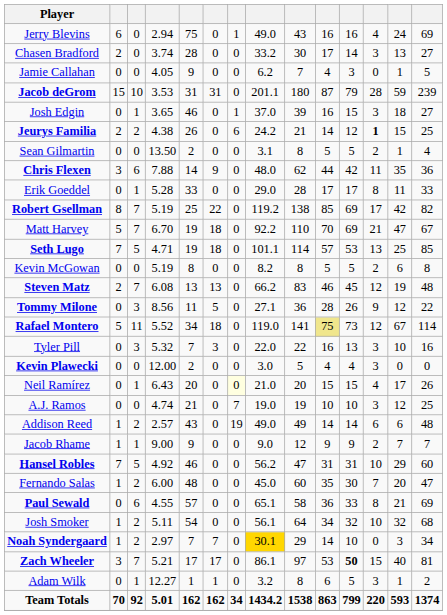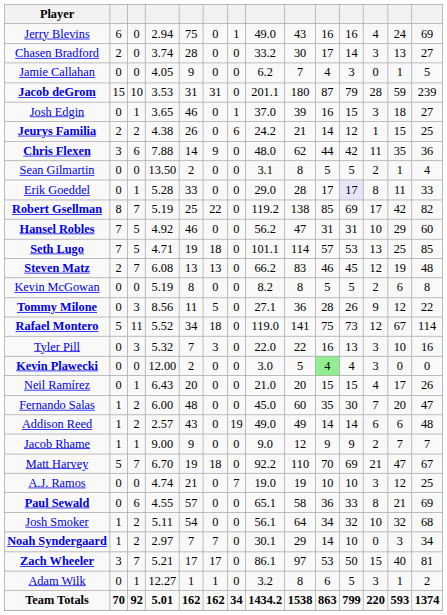 <table class="wikitable sortable" style="text-align:center;">
 <tr>
 <th>Player</th>
 <th></th>
 <th></th>
 <th></th>
 <th></th>
 <th></th>
 <th></th>
 <th></th>
 <th></th>
 <th></th>
 <th></th>
 <th></th>
 <th></th>
 <th></th>
 </tr>
 <tr>
 <td><a href='#'>Jerry Blevins</a></td>
 <td>6</td>
 <td>0</td>
 <td>2.94</td>
 <td>75</td>
 <td>0</td>
 <td>1</td>
 <td>49.0</td>
 <td>43</td>
 <td>16</td>
 <td>16</td>
 <td>4</td>
 <td>24</td>
 <td>69</td>
 </tr>
 <tr>
 <td><a href='#'>Chasen Bradford</a></td>
 <td>2</td>
 <td>0</td>
 <td>3.74</td>
 <td>28</td>
 <td>0</td>
 <td>0</td>
 <td>33.2</td>
 <td>30</td>
 <td>17</td>
 <td>14</td>
 <td>3</td>
 <td>13</td>
 <td>27</td>
 </tr>
 <tr>
 <td><a href='#'>Jamie Callahan</a></td>
 <td>0</td>
 <td>0</td>
 <td>4.05</td>
 <td>9</td>
 <td>0</td>
 <td>0</td>
 <td>6.2</td>
 <td>7</td>
 <td>4</td>
 <td>3</td>
 <td>0</td>
 <td>1</td>
 <td>5</td>
 </tr>
 <tr>
 <td><strong><a href='#'>Jacob deGrom</a></strong></td>
 <td>15</td>
 <td>10</td>
 <td>3.53</td>
 <td>31</td>
 <td>31</td>
 <td>0</td>
 <td>201.1</td>
 <td>180</td>
 <td>87</td>
 <td>79</td>
 <td>28</td>
 <td>59</td>
 <td>239</td>
 </tr>
 <tr>
 <td><a href='#'>Josh Edgin</a></td>
 <td>0</td>
 <td>1</td>
 <td>3.65</td>
 <td>46</td>
 <td>0</td>
 <td>1</td>
 <td>37.0</td>
 <td>39</td>
 <td>16</td>
 <td>15</td>
 <td>3</td>
 <td>18</td>
 <td>27</td>
 </tr>
 <tr>
 <td><strong><a href='#'>Jeurys Familia</a></strong></td>
 <td>2</td>
 <td>2</td>
 <td>4.38</td>
 <td>26</td>
 <td>0</td>
 <td>6</td>
 <td>24.2</td>
 <td>21</td>
 <td>14</td>
 <td>12</td>
-<td><strong>1</strong></td>
+<td>1</td>
 <td>15</td>
 <td>25</td>
+</tr>
+<tr>
+<td><strong><a href='#'>Chris Flexen</a></strong></td>
+<td>3</td>
+<td>6</td>
+<td>7.88</td>
+<td>14</td>
+<td>9</td>
+<td>0</td>
+<td>48.0</td>
+<td>62</td>
+<td>44</td>
+<td>42</td>
+<td>11</td>
+<td>35</td>
+<td>36</td>
 </tr>
 <tr>
 <td><a href='#'>Sean Gilmartin</a></td>
 <td>0</td>
 <td>0</td>
 <td>13.50</td>
 <td>2</td>
 <td>0</td>
 <td>0</td>
 <td>3.1</td>
 <td>8</td>
 <td>5</td>
 <td>5</td>
 <td>2</td>
 <td>1</td>
 <td>4</td>
 </tr>
 <tr>
-<td><strong><a href='#'>Chris Flexen</a></strong></td>
-<td>3</td>
-<td>6</td>
-<td>7.88</td>
-<td>14</td>
-<td>9</td>
-<td>0</td>
-<td>48.0</td>
-<td>62</td>
-<td>44</td>
-<td>42</td>
-<td>11</td>
-<td>35</td>
-<td>36</td>
-</tr>
-<tr>
 <td><a href='#'>Erik Goeddel</a></td>
 <td>0</td>
 <td>1</td>
 <td>5.28</td>
 <td>33</td>
 <td>0</td>
 <td>0</td>
 <td>29.0</td>
 <td>28</td>
 <td>17</td>
-<td>17</td>
+<td style="background: lavender;">17</td>
 <td>8</td>
 <td>11</td>
 <td>33</td>
 </tr>
 <tr>
 <td><strong><a href='#'>Robert Gsellman</a></strong></td>
 <td>8</td>
 <td>7</td>
 <td>5.19</td>
 <td>25</td>
 <td>22</td>
 <td>0</td>
 <td>119.2</td>
 <td>138</td>
 <td>85</td>
 <td>69</td>
 <td>17</td>
 <td>42</td>
 <td>82</td>
 </tr>
 <tr>
-<td><a href='#'>Matt Harvey</a></td>
+<td><strong><a href='#'>Hansel Robles</a></strong></td>
+<td>7</td>
 <td>5</td>
-<td>7</td>
-<td>6.70</td>
-<td>19</td>
-<td>18</td>
+<td>4.92</td>
+<td>46</td>
 <td>0</td>
-<td>92.2</td>
-<td>110</td>
-<td>70</td>
-<td>69</td>
-<td>21</td>
+<td>0</td>
+<td>56.2</td>
 <td>47</td>
-<td>67</td>
+<td>31</td>
+<td>31</td>
+<td>10</td>
+<td>29</td>
+<td>60</td>
 </tr>
 <tr>
 <td><strong><a href='#'>Seth Lugo</a></strong></td>
 <td>7</td>
 <td>5</td>
 <td>4.71</td>
 <td>19</td>
 <td>18</td>
 <td>0</td>
 <td>101.1</td>
 <td>114</td>
 <td>57</td>
 <td>53</td>
 <td>13</td>
 <td>25</td>
 <td>85</td>
 </tr>
 <tr>
+<td><strong><a href='#'>Steven Matz</a></strong></td>
+<td>2</td>
+<td>7</td>
+<td>6.08</td>
+<td>13</td>
+<td>13</td>
+<td>0</td>
+<td>66.2</td>
+<td>83</td>
+<td>46</td>
+<td>45</td>
+<td>12</td>
+<td>19</td>
+<td>48</td>
+</tr>
+<tr>
 <td><a href='#'>Kevin McGowan</a></td>
 <td>0</td>
 <td>0</td>
 <td>5.19</td>
 <td>8</td>
 <td>0</td>
 <td>0</td>
 <td>8.2</td>
 <td>8</td>
 <td>5</td>
 <td>5</td>
 <td>2</td>
 <td>6</td>
 <td>8</td>
-</tr>
-<tr>
-<td><strong><a href='#'>Steven Matz</a></strong></td>
-<td>2</td>
-<td>7</td>
-<td>6.08</td>
-<td>13</td>
-<td>13</td>
-<td>0</td>
-<td>66.2</td>
-<td>83</td>
-<td>46</td>
-<td>45</td>
-<td>12</td>
-<td>19</td>
-<td>48</td>
 </tr>
 <tr>
 <td><strong><a href='#'>Tommy Milone</a></strong></td>
 <td>0</td>
 <td>3</td>
 <td>8.56</td>
 <td>11</td>
 <td>5</td>
 <td>0</td>
 <td>27.1</td>
 <td>36</td>
 <td>28</td>
 <td>26</td>
 <td>9</td>
 <td>12</td>
 <td>22</td>
 </tr>
 <tr>
 <td><strong><a href='#'>Rafael Montero</a></strong></td>
 <td>5</td>
 <td>11</td>
 <td>5.52</td>
 <td>34</td>
 <td>18</td>
 <td>0</td>
 <td>119.0</td>
 <td>141</td>
-<td style="background: khaki;">75</td>
+<td>75</td>
 <td>73</td>
 <td>12</td>
 <td>67</td>
 <td>114</td>
 </tr>
 <tr>
 <td><a href='#'>Tyler Pill</a></td>
 <td>0</td>
 <td>3</td>
 <td>5.32</td>
 <td>7</td>
 <td>3</td>
 <td>0</td>
 <td>22.0</td>
 <td>22</td>
 <td>16</td>
 <td>13</td>
 <td>3</td>
 <td>10</td>
 <td>16</td>
 </tr>
 <tr>
 <td><strong><a href='#'>Kevin Plawecki</a></strong></td>
 <td>0</td>
 <td>0</td>
 <td>12.00</td>
 <td>2</td>
 <td>0</td>
 <td>0</td>
 <td>3.0</td>
 <td>5</td>
-<td>4</td>
+<td style="background: lightgreen;">4</td>
 <td>4</td>
 <td>3</td>
 <td>0</td>
 <td>0</td>
 </tr>
 <tr>
 <td><a href='#'>Neil Ramírez</a></td>
 <td>0</td>
 <td>1</td>
 <td>6.43</td>
 <td>20</td>
 <td>0</td>
-<td style="background: lightyellow;">0</td>
+<td>0</td>
 <td>21.0</td>
 <td>20</td>
 <td>15</td>
 <td>15</td>
 <td>4</td>
 <td>17</td>
 <td>26</td>
 </tr>
 <tr>
-<td><a href='#'>A.J. Ramos</a></td>
+<td><a href='#'>Fernando Salas</a></td>
+<td>1</td>
+<td>2</td>
+<td>6.00</td>
+<td>48</td>
 <td>0</td>
 <td>0</td>
-<td>4.74</td>
-<td>21</td>
-<td>0</td>
+<td>45.0</td>
+<td>60</td>
+<td>35</td>
+<td>30</td>
 <td>7</td>
-<td>19.0</td>
-<td>19</td>
-<td>10</td>
-<td>10</td>
-<td>3</td>
-<td>12</td>
-<td>25</td>
+<td>20</td>
+<td>47</td>
 </tr>
 <tr>
 <td><a href='#'>Addison Reed</a></td>
 <td>1</td>
 <td>2</td>
 <td>2.57</td>
 <td>43</td>
 <td>0</td>
 <td>19</td>
 <td>49.0</td>
 <td>49</td>
 <td>14</td>
 <td>14</td>
 <td>6</td>
 <td>6</td>
 <td>48</td>
 </tr>
 <tr>
 <td><a href='#'>Jacob Rhame</a></td>
 <td>1</td>
 <td>1</td>
 <td>9.00</td>
 <td>9</td>
 <td>0</td>
 <td>0</td>
 <td>9.0</td>
 <td>12</td>
 <td>9</td>
 <td>9</td>
 <td>2</td>
 <td>7</td>
 <td>7</td>
 </tr>
 <tr>
-<td><strong><a href='#'>Hansel Robles</a></strong></td>
+<td><a href='#'>Matt Harvey</a></td>
+<td>5</td>
 <td>7</td>
-<td>5</td>
-<td>4.92</td>
-<td>46</td>
+<td>6.70</td>
+<td>19</td>
+<td>18</td>
+<td>0</td>
+<td>92.2</td>
+<td>110</td>
+<td>70</td>
+<td>69</td>
+<td>21</td>
+<td>47</td>
+<td>67</td>
+</tr>
+<tr>
+<td><a href='#'>A.J. Ramos</a></td>
 <td>0</td>
 <td>0</td>
-<td>56.2</td>
-<td>47</td>
-<td>31</td>
-<td>31</td>
+<td>4.74</td>
+<td>21</td>
+<td>0</td>
+<td>7</td>
+<td>19.0</td>
+<td>19</td>
 <td>10</td>
-<td>29</td>
-<td>60</td>
-</tr>
-<tr>
-<td><a href='#'>Fernando Salas</a></td>
-<td>1</td>
-<td>2</td>
-<td>6.00</td>
-<td>48</td>
-<td>0</td>
-<td>0</td>
-<td>45.0</td>
-<td>60</td>
-<td>35</td>
-<td>30</td>
-<td>7</td>
-<td>20</td>
-<td>47</td>
+<td>10</td>
+<td>3</td>
+<td>12</td>
+<td>25</td>
 </tr>
 <tr>
 <td><strong><a href='#'>Paul Sewald</a></strong></td>
 <td>0</td>
 <td>6</td>
 <td>4.55</td>
 <td>57</td>
 <td>0</td>
 <td>0</td>
 <td>65.1</td>
 <td>58</td>
 <td>36</td>
 <td>33</td>
 <td>8</td>
 <td>21</td>
 <td>69</td>
 </tr>
 <tr>
 <td><a href='#'>Josh Smoker</a></td>
 <td>1</td>
 <td>2</td>
 <td>5.11</td>
 <td>54</td>
 <td>0</td>
 <td>0</td>
 <td>56.1</td>
 <td>64</td>
 <td>34</td>
 <td>32</td>
 <td>10</td>
 <td>32</td>
 <td>68</td>
 </tr>
 <tr>
 <td><strong><a href='#'>Noah Syndergaard</a></strong></td>
 <td>1</td>
 <td>2</td>
 <td>2.97</td>
 <td>7</td>
 <td>7</td>
 <td>0</td>
-<td style="background: gold;">30.1</td>
+<td>30.1</td>
 <td>29</td>
 <td>14</td>
 <td>10</td>
 <td>0</td>
 <td>3</td>
 <td>34</td>
 </tr>
 <tr>
 <td><strong><a href='#'>Zach Wheeler</a></strong></td>
 <td>3</td>
 <td>7</td>
 <td>5.21</td>
 <td>17</td>
 <td>17</td>
 <td>0</td>
 <td>86.1</td>
 <td>97</td>
 <td>53</td>
-<td><strong>50</strong></td>
+<td>50</td>
 <td>15</td>
 <td>40</td>
 <td>81</td>
 </tr>
 <tr>
 <td><a href='#'>Adam Wilk</a></td>
 <td>0</td>
 <td>1</td>
 <td>12.27</td>
 <td>1</td>
 <td>1</td>
 <td>0</td>
 <td>3.2</td>
 <td>8</td>
 <td>6</td>
 <td>5</td>
 <td>3</td>
 <td>1</td>
 <td>2</td>
 </tr>
 <tr>
 <td><strong>Team Totals</strong></td>
 <td><strong>70</strong></td>
 <td><strong>92</strong></td>
 <td><strong>5.01</strong></td>
 <td><strong>162</strong></td>
 <td><strong>162</strong></td>
 <td><strong>34</strong></td>
 <td><strong>1434.2</strong></td>
 <td><strong>1538</strong></td>
 <td><strong>863</strong></td>
 <td><strong>799</strong></td>
 <td><strong>220</strong></td>
 <td><strong>593</strong></td>
 <td><strong>1374</strong></td>
 </tr>
 <tr class=="sortbottom">
 </tr>
 </table>
